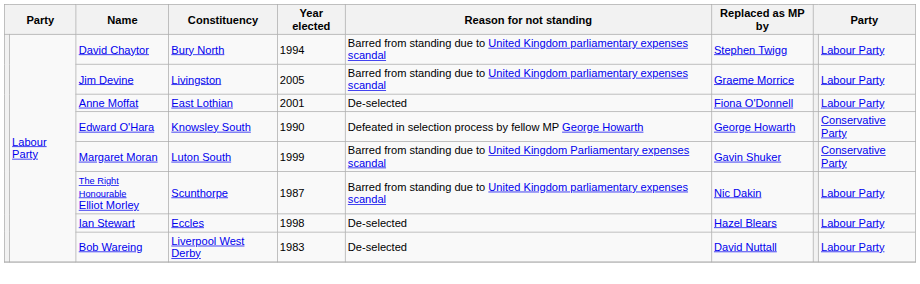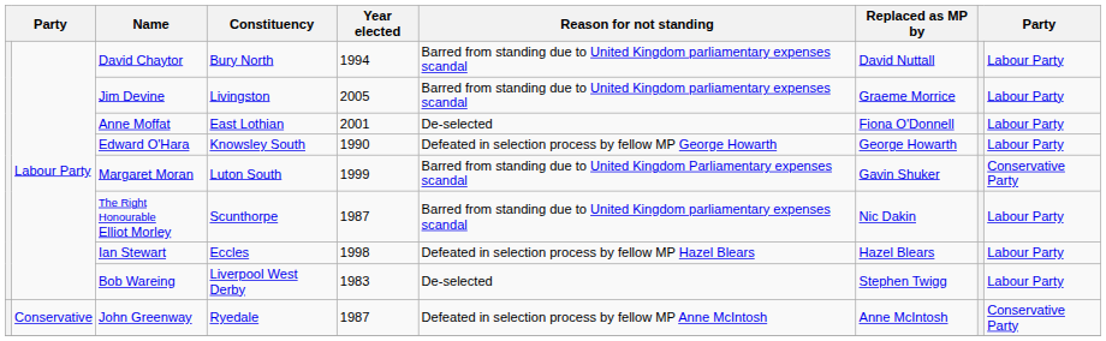 <table class="wikitable" style="font-size: 95%;">
 <tr>
 <th colspan=2>Party</th>
 <th>Name</th>
 <th>Constituency</th>
 <th>Year elected</th>
 <th>Reason for not standing</th>
 <th>Replaced as MP by</th>
 <th colspan=2>Party</th>
 </tr>
 <tr>
 <th rowspan=8 style="background-color: "></th>
 <td rowspan=8><a href='#'>Labour Party</a></td>
 <td><a href='#'>David Chaytor</a></td>
 <td><a href='#'>Bury North</a></td>
 <td>1994</td>
 <td>Barred from standing due to <a href='#'>United Kingdom parliamentary expenses scandal</a></td>
-<td><a href='#'>Stephen Twigg</a></td>
+<td><a href='#'>David Nuttall</a></td>
 <th rowspan=1 style="background-color: "></th>
 <td rowspan=1><a href='#'>Labour Party</a></td>
 </tr>
 <tr>
 <td><a href='#'>Jim Devine</a></td>
 <td><a href='#'>Livingston</a></td>
 <td>2005</td>
 <td>Barred from standing due to <a href='#'>United Kingdom parliamentary expenses scandal</a></td>
 <td><a href='#'>Graeme Morrice</a></td>
 <th rowspan=1 style="background-color: "></th>
 <td rowspan=1><a href='#'>Labour Party</a></td>
 </tr>
 <tr>
 <td><a href='#'>Anne Moffat</a></td>
 <td><a href='#'>East Lothian</a></td>
 <td>2001</td>
 <td>De-selected</td>
 <td><a href='#'>Fiona O'Donnell</a></td>
 <th rowspan=1 style="background-color: "></th>
 <td rowspan=1><a href='#'>Labour Party</a></td>
 </tr>
 <tr>
 <td><a href='#'>Edward O'Hara</a></td>
 <td><a href='#'>Knowsley South</a></td>
 <td>1990</td>
 <td>Defeated in selection process by fellow MP <a href='#'>George Howarth</a></td>
 <td><a href='#'>George Howarth</a></td>
 <th rowspan=1 style="background-color: "></th>
-<td rowspan=1><a href='#'>Conservative Party</a></td>
+<td rowspan=1><a href='#'>Labour Party</a></td>
 </tr>
 <tr>
 <td><a href='#'>Margaret Moran</a></td>
 <td><a href='#'>Luton South</a></td>
 <td>1999</td>
 <td>Barred from standing due to <a href='#'>United Kingdom Parliamentary expenses scandal</a></td>
 <td><a href='#'>Gavin Shuker</a></td>
 <th rowspan=1 style="background-color: "></th>
 <td rowspan=1><a href='#'>Conservative Party</a></td>
 </tr>
 <tr>
 <td><small><a href='#'>The Right Honourable</a></small><br> <a href='#'>Elliot Morley</a></td>
 <td><a href='#'>Scunthorpe</a></td>
 <td>1987</td>
 <td>Barred from standing due to <a href='#'>United Kingdom parliamentary expenses scandal</a></td>
 <td><a href='#'>Nic Dakin</a></td>
 <th rowspan=1 style="background-color: "></th>
 <td rowspan=1><a href='#'>Labour Party</a></td>
 </tr>
 <tr>
 <td><a href='#'>Ian Stewart</a></td>
 <td><a href='#'>Eccles</a></td>
 <td>1998</td>
-<td>De-selected</td>
+<td>Defeated in selection process by fellow MP <a href='#'>Hazel Blears</a></td>
 <td><a href='#'>Hazel Blears</a></td>
 <th rowspan=1 style="background-color: "></th>
 <td rowspan=1><a href='#'>Labour Party</a></td>
 </tr>
 <tr>
 <td><a href='#'>Bob Wareing</a></td>
 <td><a href='#'>Liverpool West Derby</a></td>
 <td>1983</td>
 <td>De-selected</td>
-<td><a href='#'>David Nuttall</a></td>
+<td><a href='#'>Stephen Twigg</a></td>
 <th rowspan=1 style="background-color: "></th>
 <td rowspan=1><a href='#'>Labour Party</a></td>
 </tr>
 <tr>
+<th rowspan=1 style="background-color: "></th>
+<td rowspan=1><a href='#'>Conservative</a></td>
+<td><a href='#'>John Greenway</a></td>
+<td><a href='#'>Ryedale</a></td>
+<td>1987</td>
+<td>Defeated in selection process by fellow MP <a href='#'>Anne McIntosh</a></td>
+<td><a href='#'>Anne McIntosh</a></td>
+<th rowspan=1 style="background-color: "></th>
+<td rowspan=1><a href='#'>Conservative Party</a></td>
+</tr>
+<tr>
 </tr>
 </table>
